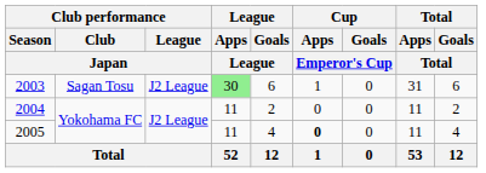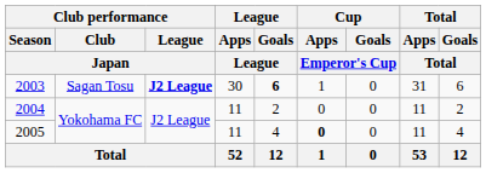 <table class="wikitable" style="text-align:center;">
 <tr>
 <th colspan=3>Club performance</th>
 <th colspan=2>League</th>
 <th colspan=2>Cup</th>
 <th colspan=2>Total</th>
 </tr>
 <tr>
 <th>Season</th>
 <th>Club</th>
 <th>League</th>
 <th>Apps</th>
 <th>Goals</th>
 <th>Apps</th>
 <th>Goals</th>
 <th>Apps</th>
 <th>Goals</th>
 </tr>
 <tr>
 <th colspan=3>Japan</th>
 <th colspan=2>League</th>
 <th colspan=2><a href='#'>Emperor's Cup</a></th>
 <th colspan=2>Total</th>
 </tr>
 <tr>
 <td><a href='#'>2003</a></td>
 <td><a href='#'>Sagan Tosu</a></td>
-<td><a href='#'>J2 League</a></td>
-<td style="background: lightgreen;">30</td>
-<td>6</td>
+<td><strong><a href='#'>J2 League</a></strong></td>
+<td>30</td>
+<td><strong>6</strong></td>
 <td>1</td>
 <td>0</td>
 <td>31</td>
 <td>6</td>
 </tr>
 <tr>
 <td><a href='#'>2004</a></td>
 <td rowspan="2"><a href='#'>Yokohama FC</a></td>
 <td rowspan="2"><a href='#'>J2 League</a></td>
 <td>11</td>
 <td>2</td>
 <td>0</td>
 <td>0</td>
 <td>11</td>
 <td>2</td>
 </tr>
 <tr>
 <td>2005</td>
 <td>11</td>
 <td>4</td>
 <td><strong>0</strong></td>
 <td>0</td>
 <td>11</td>
 <td>4</td>
 </tr>
 <tr>
 <th colspan=3>Total</th>
 <th>52</th>
 <th>12</th>
 <th>1</th>
 <th>0</th>
 <th>53</th>
 <th>12</th>
 </tr>
 </table>
